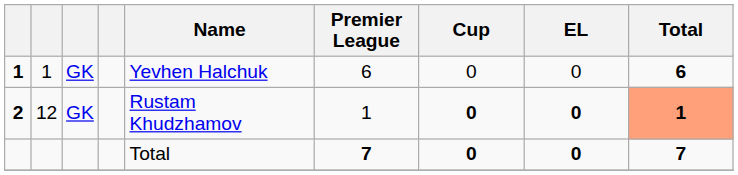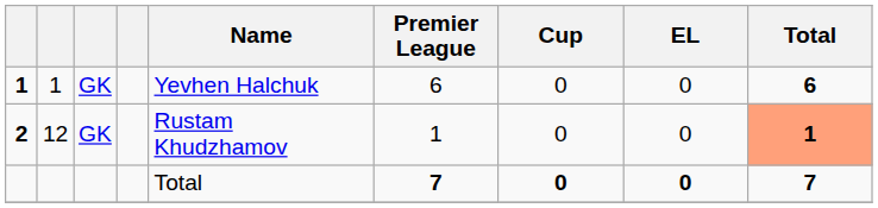 <table class="wikitable" style="text-align:center">
 <tr>
 <th width=15></th>
 <th width=15></th>
 <th width=15></th>
 <th width=15></th>
 <th width=150>Name</th>
 <th width=80><strong>Premier League</strong></th>
 <th width=80><strong>Cup</strong></th>
 <th width=80><strong>EL</strong></th>
 <th width=80>Total</th>
 </tr>
 <tr>
 <td><strong>1</strong></td>
 <td>1</td>
 <td><a href='#'>GK</a></td>
 <td></td>
 <td align=left><a href='#'>Yevhen Halchuk</a></td>
 <td>6</td>
 <td>0</td>
 <td>0</td>
 <td><strong>6</strong></td>
 </tr>
 <tr>
 <td><strong>2</strong></td>
 <td>12</td>
 <td><a href='#'>GK</a></td>
 <td></td>
 <td align=left><a href='#'>Rustam Khudzhamov</a></td>
 <td>1</td>
-<td><strong>0</strong></td>
-<td><strong>0</strong></td>
+<td>0</td>
+<td>0</td>
 <td style="background: lightsalmon;"><strong>1</strong></td>
 </tr>
 <tr>
 <td></td>
 <td></td>
 <td></td>
 <td></td>
 <td align=left>Total</td>
 <td><strong>7</strong></td>
 <td><strong>0</strong></td>
 <td><strong>0</strong></td>
 <td><strong>7</strong></td>
 </tr>
 <tr>
 </tr>
 </table>
